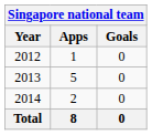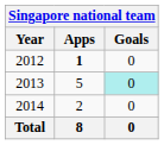 <table class="wikitable" style="text-align:center">
 <tr>
 <th colspan=3><a href='#'>Singapore national team</a></th>
 </tr>
 <tr>
 <th>Year</th>
 <th>Apps</th>
 <th>Goals</th>
 </tr>
 <tr>
 <td>2012</td>
-<td>1</td>
+<td><strong>1</strong></td>
 <td>0</td>
 </tr>
 <tr>
 <td>2013</td>
 <td>5</td>
-<td>0</td>
+<td style="background: paleturquoise;">0</td>
 </tr>
 <tr>
 <td>2014</td>
 <td>2</td>
 <td>0</td>
 </tr>
 <tr>
 <th>Total</th>
 <th>8</th>
 <th>0</th>
 </tr>
 </table>
